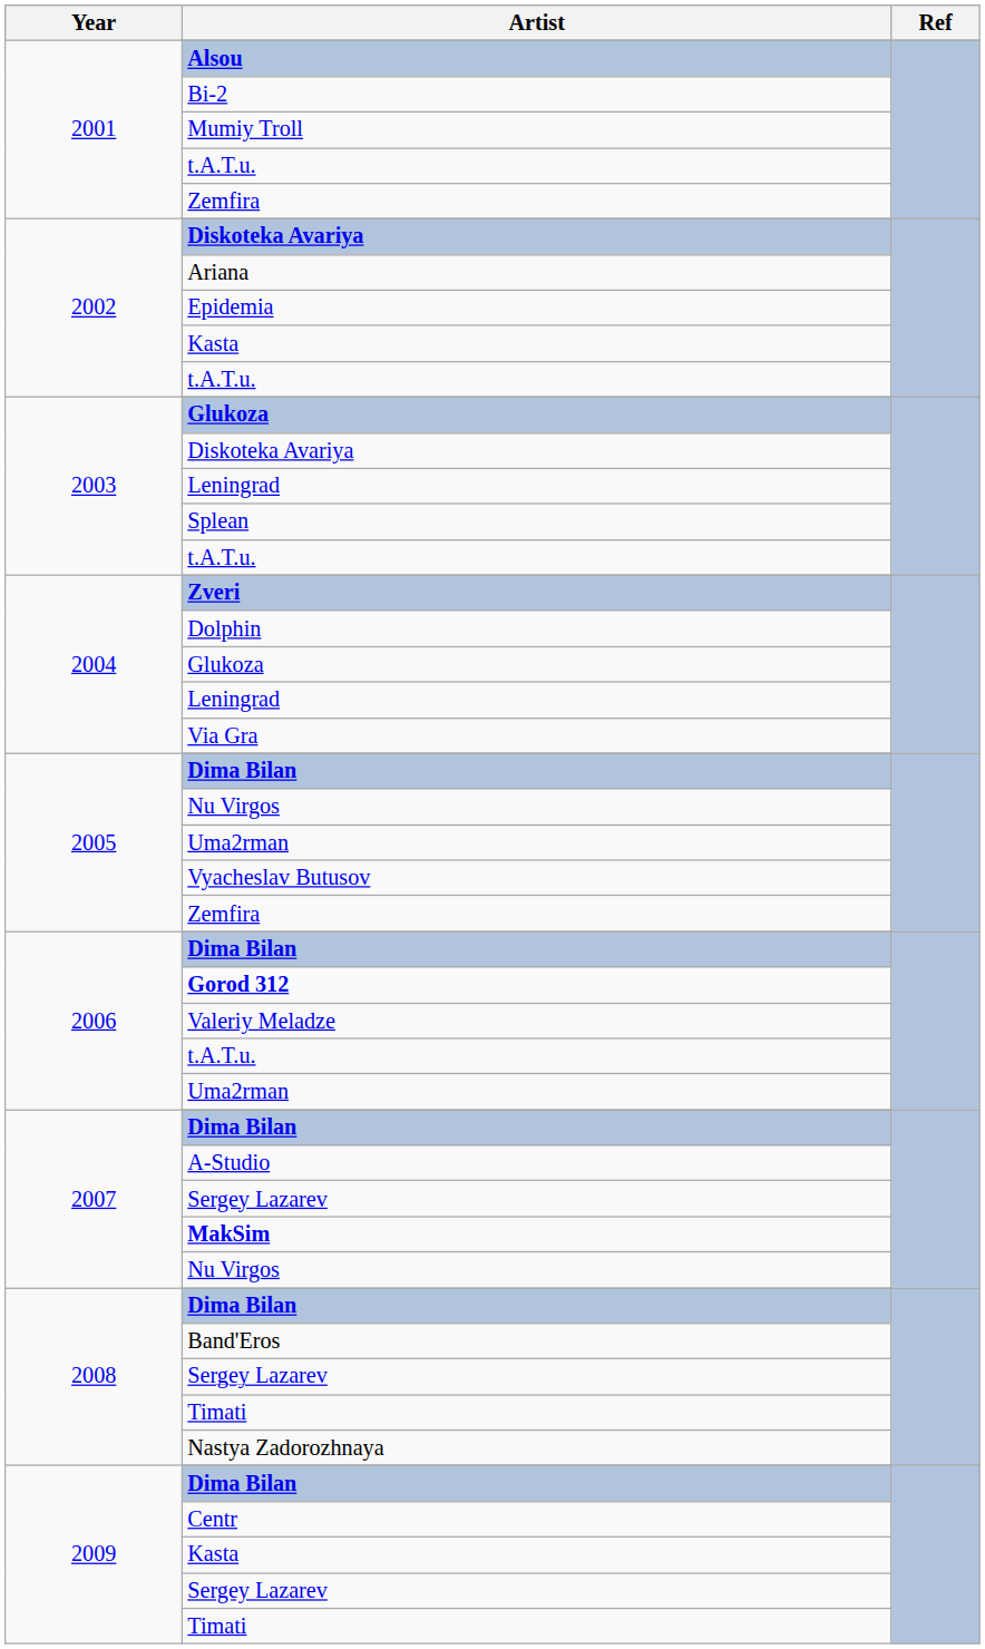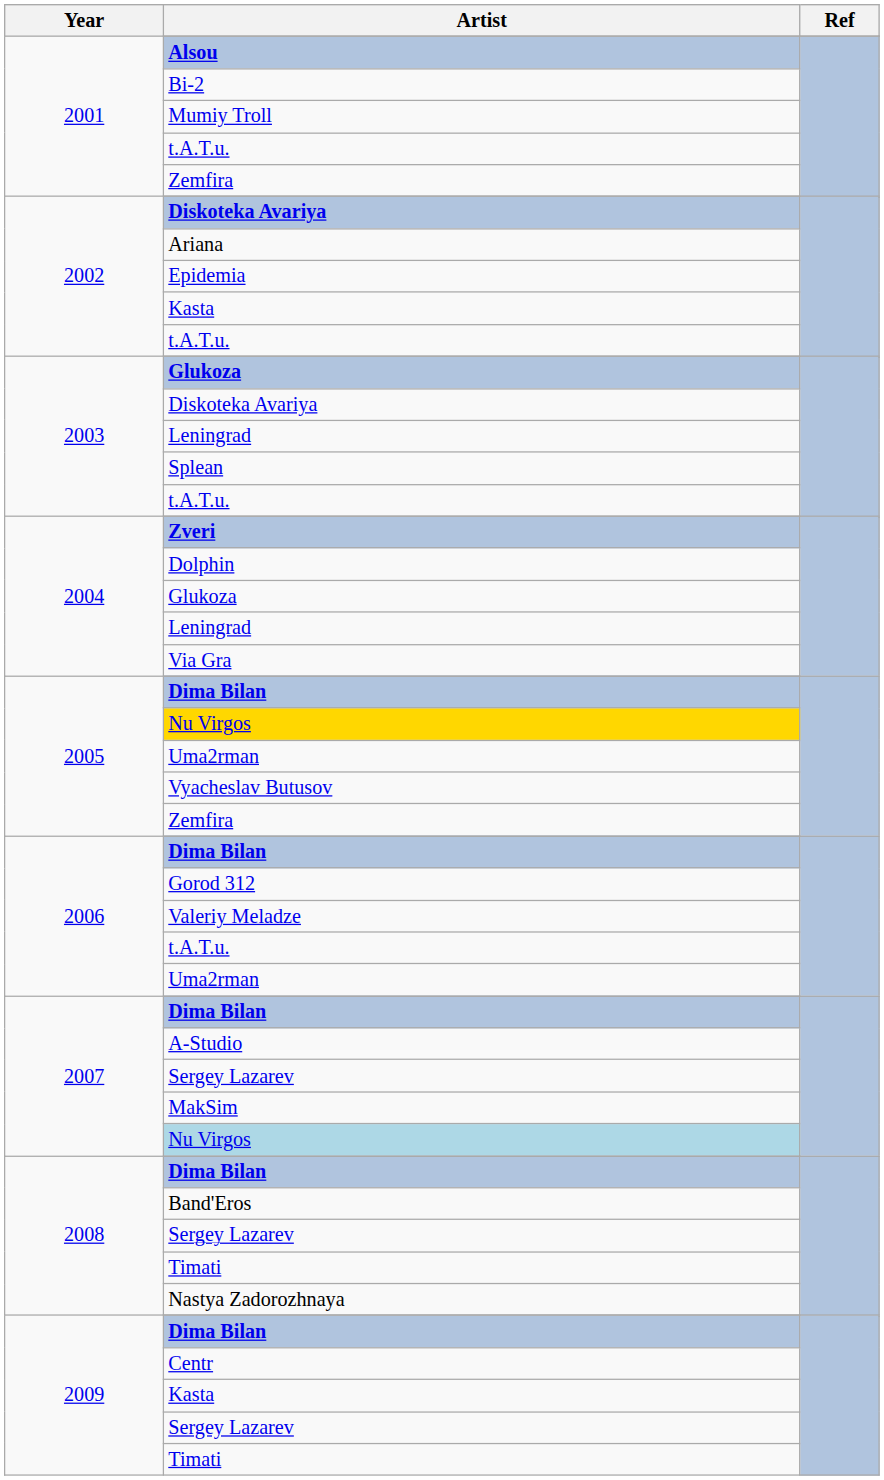 <table class="wikitable" style="width:55%;">
 <tr style="background:#bebebe;">
 <th style="width:10%;">Year</th>
 <th style="width:40%;">Artist</th>
 <th style="width:5%;">Ref</th>
 </tr>
 <tr>
 <td rowspan="6" align="center"><a href='#'>2001</a></td>
 </tr>
 <tr style="background:#B0C4DE">
 <td><strong><a href='#'>Alsou</a></strong></td>
 <td rowspan="6" align="center"></td>
 </tr>
 <tr>
 <td><a href='#'>Bi-2</a></td>
 </tr>
 <tr>
 <td><a href='#'>Mumiy Troll</a></td>
 </tr>
 <tr>
 <td><a href='#'>t.A.T.u.</a></td>
 </tr>
 <tr>
 <td><a href='#'>Zemfira</a></td>
 </tr>
 <tr>
 <td rowspan="6" align="center"><a href='#'>2002</a></td>
 </tr>
 <tr style="background:#B0C4DE">
 <td><strong><a href='#'>Diskoteka Avariya</a></strong></td>
 <td rowspan="6" align="center"></td>
 </tr>
 <tr>
 <td>Ariana</td>
 </tr>
 <tr>
 <td><a href='#'>Epidemia</a></td>
 </tr>
 <tr>
 <td><a href='#'>Kasta</a></td>
 </tr>
 <tr>
 <td><a href='#'>t.A.T.u.</a></td>
 </tr>
 <tr>
 <td rowspan="6" align="center"><a href='#'>2003</a></td>
 </tr>
 <tr style="background:#B0C4DE">
 <td><strong><a href='#'>Glukoza</a></strong></td>
 <td rowspan="6" align="center"></td>
 </tr>
 <tr>
 <td><a href='#'>Diskoteka Avariya</a></td>
 </tr>
 <tr>
 <td><a href='#'>Leningrad</a></td>
 </tr>
 <tr>
 <td><a href='#'>Splean</a></td>
 </tr>
 <tr>
 <td><a href='#'>t.A.T.u.</a></td>
 </tr>
 <tr>
 <td rowspan="6" align="center"><a href='#'>2004</a></td>
 </tr>
 <tr style="background:#B0C4DE">
 <td><strong><a href='#'>Zveri</a></strong></td>
 <td rowspan="6" align="center"></td>
 </tr>
 <tr>
 <td><a href='#'>Dolphin</a></td>
 </tr>
 <tr>
 <td><a href='#'>Glukoza</a></td>
 </tr>
 <tr>
 <td><a href='#'>Leningrad</a></td>
 </tr>
 <tr>
 <td><a href='#'>Via Gra</a></td>
 </tr>
 <tr>
 <td rowspan="6" align="center"><a href='#'>2005</a></td>
 </tr>
 <tr style="background:#B0C4DE">
 <td><strong><a href='#'>Dima Bilan</a></strong></td>
 <td rowspan="6" align="center"></td>
 </tr>
 <tr>
-<td><a href='#'>Nu Virgos</a></td>
+<td style="background: gold;"><a href='#'>Nu Virgos</a></td>
 </tr>
 <tr>
 <td><a href='#'>Uma2rman</a></td>
 </tr>
 <tr>
 <td><a href='#'>Vyacheslav Butusov</a></td>
 </tr>
 <tr>
 <td><a href='#'>Zemfira</a></td>
 </tr>
 <tr>
 <td rowspan="6" align="center"><a href='#'>2006</a></td>
 </tr>
 <tr style="background:#B0C4DE">
 <td><strong><a href='#'>Dima Bilan</a></strong></td>
 <td rowspan="6" align="center"></td>
 </tr>
 <tr>
-<td><strong><a href='#'>Gorod 312</a></strong></td>
+<td><a href='#'>Gorod 312</a></td>
 </tr>
 <tr>
 <td><a href='#'>Valeriy Meladze</a></td>
 </tr>
 <tr>
 <td><a href='#'>t.A.T.u.</a></td>
 </tr>
 <tr>
 <td><a href='#'>Uma2rman</a></td>
 </tr>
 <tr>
 <td rowspan="6" align="center"><a href='#'>2007</a></td>
 </tr>
 <tr style="background:#B0C4DE">
 <td><strong><a href='#'>Dima Bilan</a></strong></td>
 <td rowspan="6" align="center"></td>
 </tr>
 <tr>
 <td><a href='#'>A-Studio</a></td>
 </tr>
 <tr>
 <td><a href='#'>Sergey Lazarev</a></td>
 </tr>
 <tr>
-<td><strong><a href='#'>MakSim</a></strong></td>
+<td><a href='#'>MakSim</a></td>
 </tr>
 <tr>
-<td><a href='#'>Nu Virgos</a></td>
+<td style="background: lightblue;"><a href='#'>Nu Virgos</a></td>
 </tr>
 <tr>
 <td rowspan="6" align="center"><a href='#'>2008</a></td>
 </tr>
 <tr style="background:#B0C4DE">
 <td><strong><a href='#'>Dima Bilan</a></strong></td>
 <td rowspan="6" align="center"></td>
 </tr>
 <tr>
 <td>Band'Eros</td>
 </tr>
 <tr>
 <td><a href='#'>Sergey Lazarev</a></td>
 </tr>
 <tr>
 <td><a href='#'>Timati</a></td>
 </tr>
 <tr>
 <td>Nastya Zadorozhnaya</td>
 </tr>
 <tr>
 <td rowspan="6" align="center"><a href='#'>2009</a></td>
 </tr>
 <tr style="background:#B0C4DE">
 <td><strong><a href='#'>Dima Bilan</a></strong></td>
 <td rowspan="6" align="center"></td>
 </tr>
 <tr>
 <td><a href='#'>Centr</a></td>
 </tr>
 <tr>
 <td><a href='#'>Kasta</a></td>
 </tr>
 <tr>
 <td><a href='#'>Sergey Lazarev</a></td>
 </tr>
 <tr>
 <td><a href='#'>Timati</a></td>
 </tr>
 </table>
